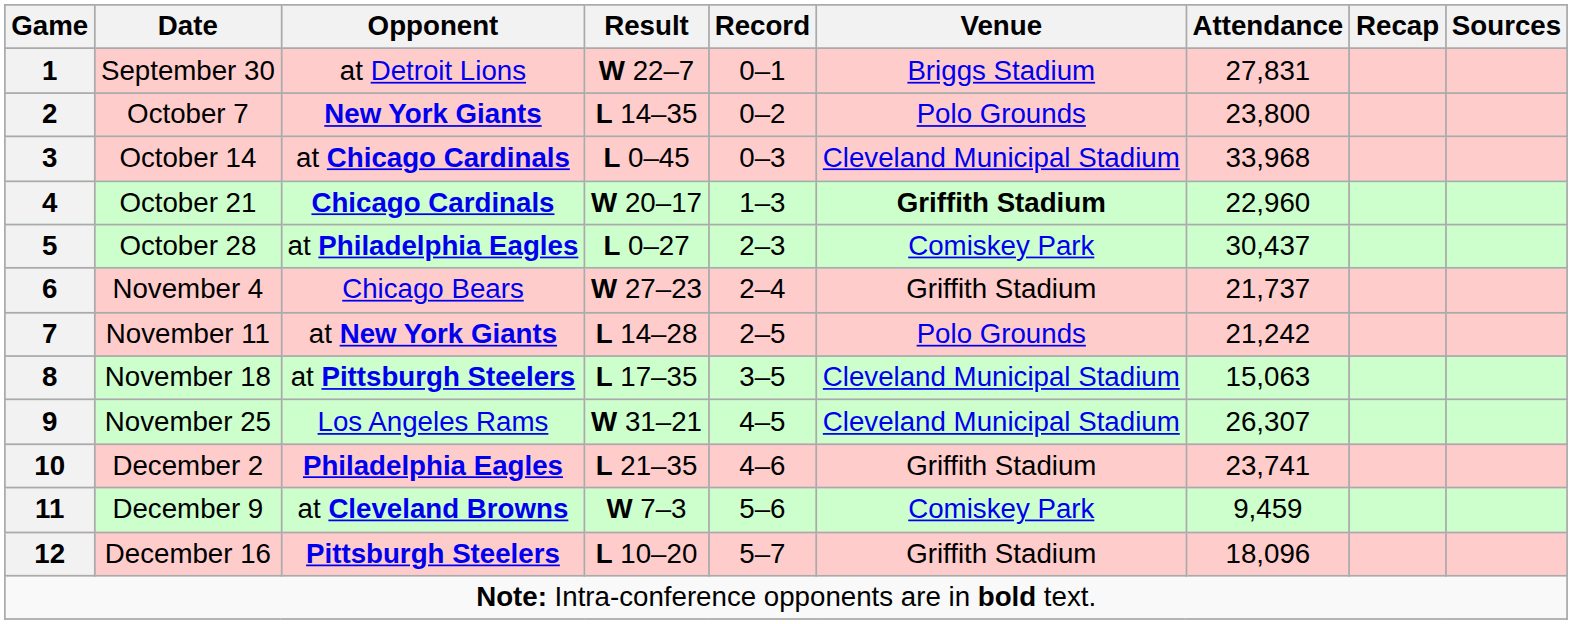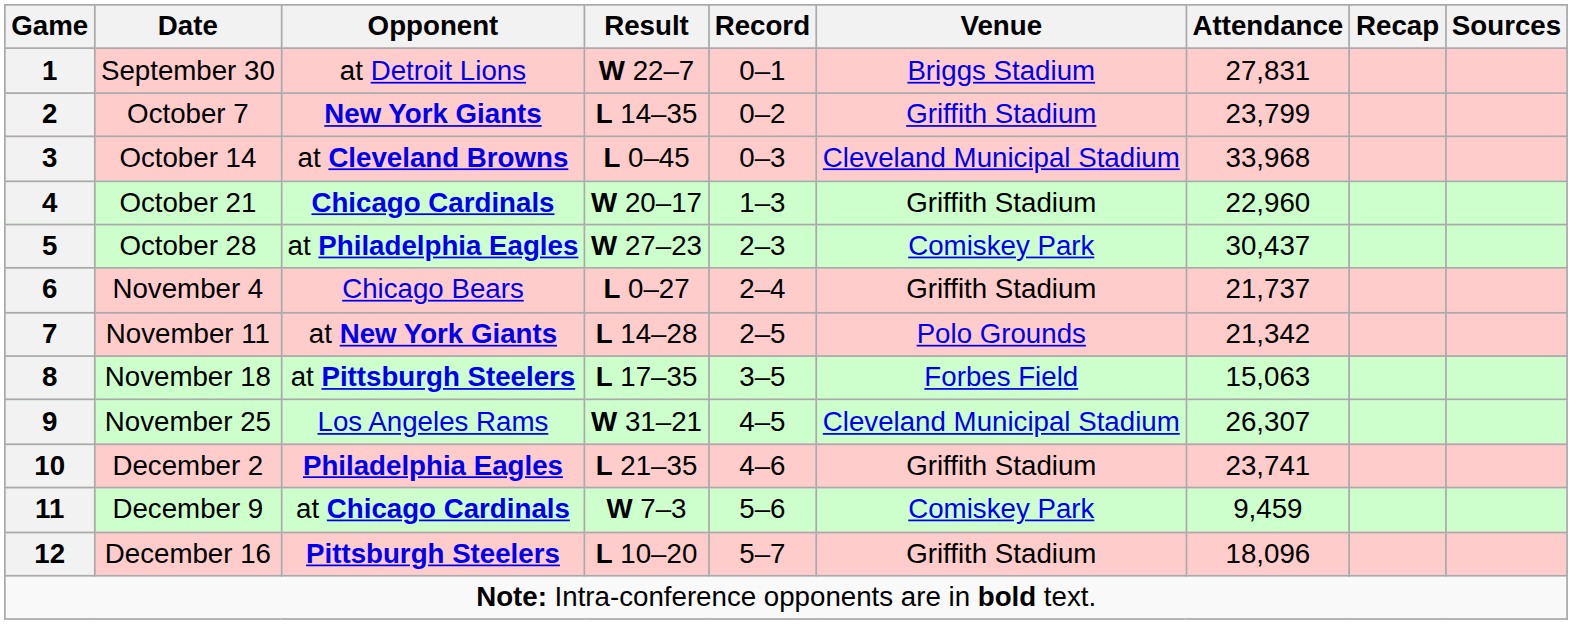 <table class="wikitable" style="text-align:center">
 <tr>
 <th>Game</th>
 <th>Date</th>
 <th>Opponent</th>
 <th>Result</th>
 <th>Record</th>
 <th>Venue</th>
 <th>Attendance</th>
 <th>Recap</th>
 <th>Sources</th>
 </tr>
 <tr style="background:#fcc">
 <th>1</th>
 <td>September 30</td>
 <td>at <a href='#'>Detroit Lions</a></td>
 <td><strong>W</strong> 22–7</td>
 <td>0–1</td>
 <td><a href='#'>Briggs Stadium</a></td>
 <td>27,831</td>
 <td></td>
 <td></td>
 </tr>
 <tr style="background:#fcc">
 <th>2</th>
 <td>October 7</td>
 <td><strong><a href='#'>New York Giants</a></strong></td>
 <td><strong>L</strong> 14–35</td>
 <td>0–2</td>
-<td><a href='#'>Polo Grounds</a></td>
-<td>23,800</td>
+<td><a href='#'>Griffith Stadium</a></td>
+<td>23,799</td>
 <td></td>
 <td></td>
 </tr>
 <tr style="background:#fcc">
 <th>3</th>
 <td>October 14</td>
-<td>at <strong><a href='#'>Chicago Cardinals</a></strong></td>
+<td>at <strong><a href='#'>Cleveland Browns</a></strong></td>
 <td><strong>L</strong> 0–45</td>
 <td>0–3</td>
 <td><a href='#'>Cleveland Municipal Stadium</a></td>
 <td>33,968</td>
 <td></td>
 <td></td>
 </tr>
 <tr style="background:#cfc">
 <th>4</th>
 <td>October 21</td>
 <td><strong><a href='#'>Chicago Cardinals</a></strong></td>
 <td><strong>W</strong> 20–17</td>
 <td>1–3</td>
-<td><strong>Griffith Stadium</strong></td>
+<td>Griffith Stadium</td>
 <td>22,960</td>
 <td></td>
 <td></td>
 </tr>
 <tr style="background:#cfc">
 <th>5</th>
 <td>October 28</td>
 <td>at <strong><a href='#'>Philadelphia Eagles</a></strong></td>
-<td><strong>L</strong> 0–27</td>
+<td><strong>W</strong> 27–23</td>
 <td>2–3</td>
 <td><a href='#'>Comiskey Park</a></td>
 <td>30,437</td>
 <td></td>
 <td></td>
 </tr>
 <tr style="background:#fcc">
 <th>6</th>
 <td>November 4</td>
 <td><a href='#'>Chicago Bears</a></td>
-<td><strong>W</strong> 27–23</td>
+<td><strong>L</strong> 0–27</td>
 <td>2–4</td>
 <td>Griffith Stadium</td>
 <td>21,737</td>
 <td></td>
 <td></td>
 </tr>
 <tr style="background:#fcc">
 <th>7</th>
 <td>November 11</td>
 <td>at <strong><a href='#'>New York Giants</a></strong></td>
 <td><strong>L</strong> 14–28</td>
 <td>2–5</td>
 <td><a href='#'>Polo Grounds</a></td>
-<td>21,242</td>
+<td>21,342</td>
 <td></td>
 <td></td>
 </tr>
 <tr style="background:#cfc">
 <th>8</th>
 <td>November 18</td>
 <td>at <strong><a href='#'>Pittsburgh Steelers</a></strong></td>
 <td><strong>L</strong> 17–35</td>
 <td>3–5</td>
-<td><a href='#'>Cleveland Municipal Stadium</a></td>
+<td><a href='#'>Forbes Field</a></td>
 <td>15,063</td>
 <td></td>
 <td></td>
 </tr>
 <tr style="background:#cfc">
 <th>9</th>
 <td>November 25</td>
 <td><a href='#'>Los Angeles Rams</a></td>
 <td><strong>W</strong> 31–21</td>
 <td>4–5</td>
 <td><a href='#'>Cleveland Municipal Stadium</a></td>
 <td>26,307</td>
 <td></td>
 <td></td>
 </tr>
 <tr style="background:#fcc">
 <th>10</th>
 <td>December 2</td>
 <td><strong><a href='#'>Philadelphia Eagles</a></strong></td>
 <td><strong>L</strong> 21–35</td>
 <td>4–6</td>
 <td>Griffith Stadium</td>
 <td>23,741</td>
 <td></td>
 <td></td>
 </tr>
 <tr style="background:#cfc">
 <th>11</th>
 <td>December 9</td>
-<td>at <strong><a href='#'>Cleveland Browns</a></strong></td>
+<td>at <strong><a href='#'>Chicago Cardinals</a></strong></td>
 <td><strong>W</strong> 7–3</td>
 <td>5–6</td>
 <td><a href='#'>Comiskey Park</a></td>
 <td>9,459</td>
 <td></td>
 <td></td>
 </tr>
 <tr style="background:#fcc">
 <th>12</th>
 <td>December 16</td>
 <td><strong><a href='#'>Pittsburgh Steelers</a></strong></td>
 <td><strong>L</strong> 10–20</td>
 <td>5–7</td>
 <td>Griffith Stadium</td>
 <td>18,096</td>
 <td></td>
 <td></td>
 </tr>
 <tr>
 <td colspan="10"><strong>Note:</strong> Intra-conference opponents are in <strong>bold</strong> text.</td>
 </tr>
 </table>
